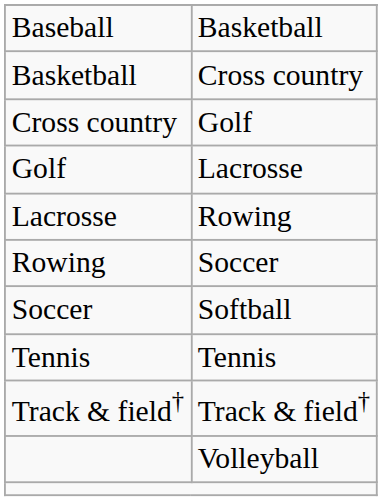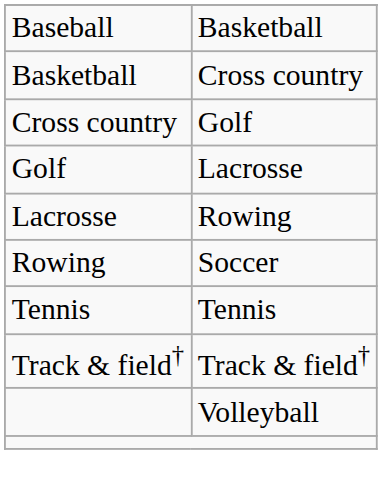 <table class="wikitable" style=" ">
 <tr>
 </tr>
 <tr>
 <td>Baseball</td>
 <td>Basketball</td>
 </tr>
 <tr>
 <td>Basketball</td>
 <td>Cross country</td>
 </tr>
 <tr>
 <td>Cross country</td>
 <td>Golf</td>
 </tr>
 <tr>
 <td>Golf</td>
 <td>Lacrosse</td>
 </tr>
 <tr>
 <td>Lacrosse</td>
 <td>Rowing</td>
 </tr>
 <tr>
 <td>Rowing</td>
 <td>Soccer</td>
 </tr>
 <tr>
-<td>Soccer</td>
-<td>Softball</td>
-</tr>
-<tr>
 <td>Tennis</td>
 <td>Tennis</td>
 </tr>
 <tr>
 <td>Track & field<sup>†</sup></td>
 <td>Track & field<sup>†</sup></td>
 </tr>
 <tr>
 <td></td>
 <td>Volleyball</td>
 </tr>
 <tr>
 <td colspan="2"></td>
 </tr>
 </table>
